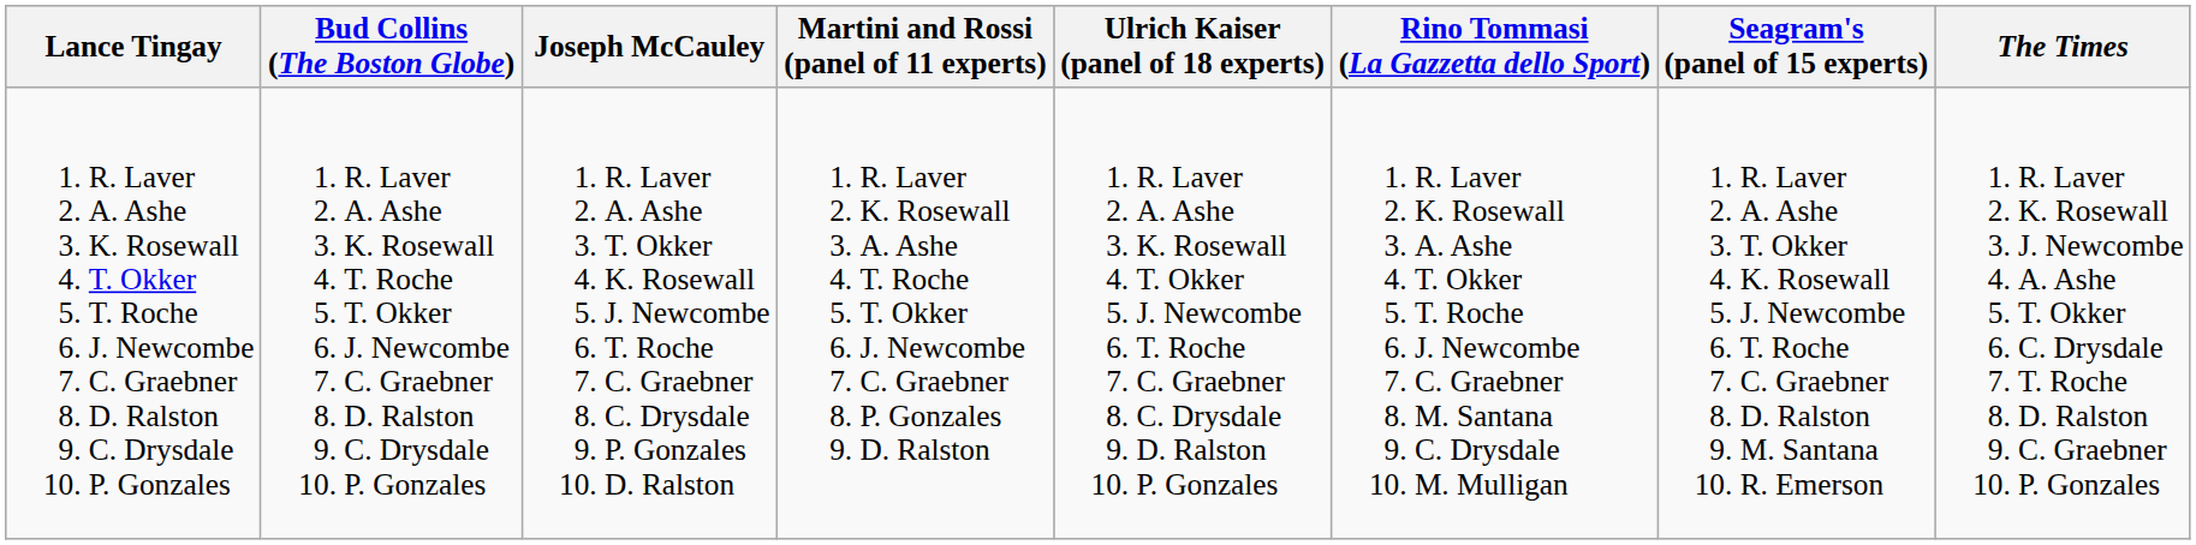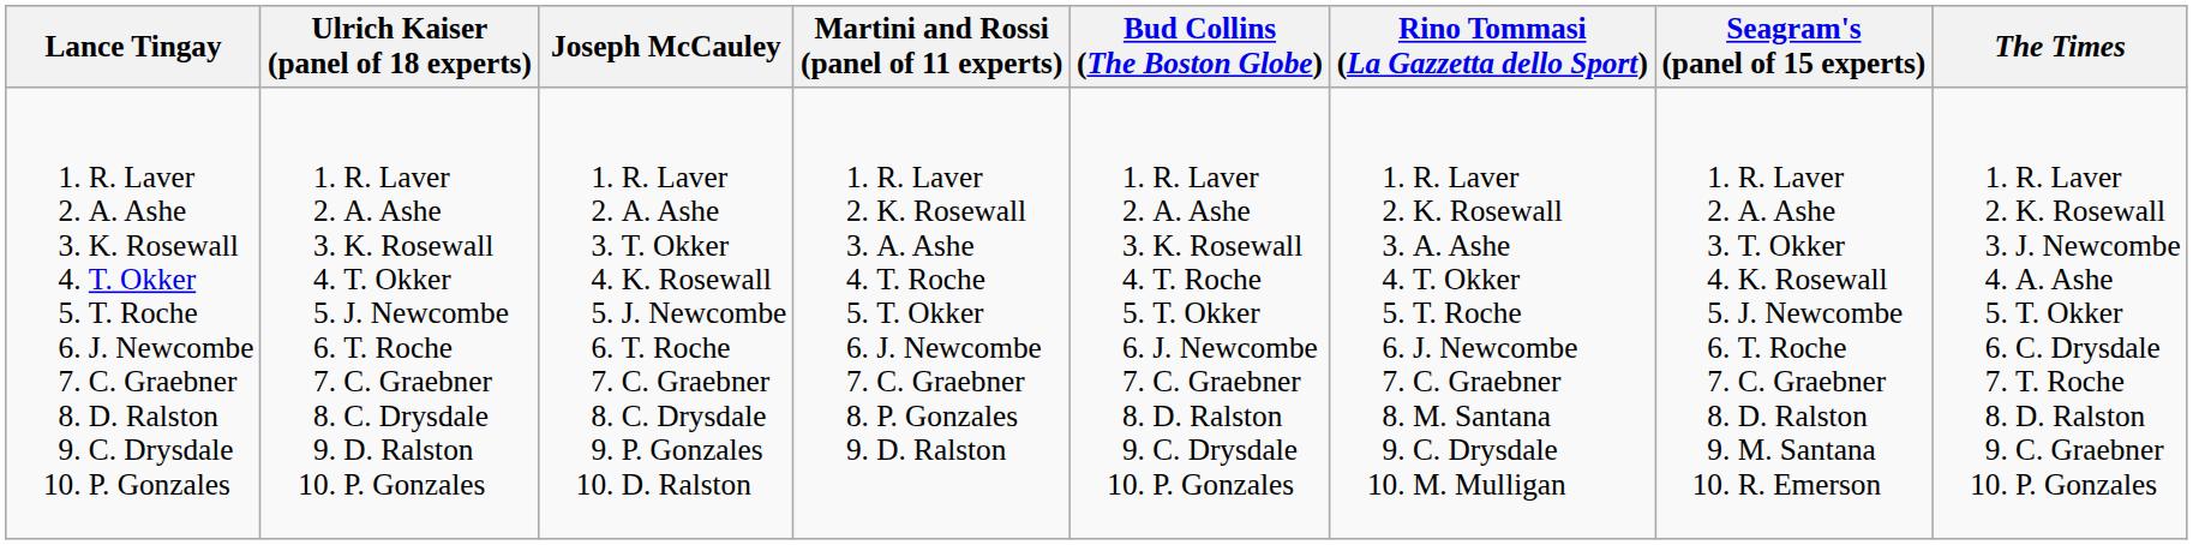 <table class="wikitable">
 <tr>
 <th>Lance Tingay</th>
-<th><a href='#'>Bud Collins</a><br>(<em><a href='#'>The Boston Globe</a></em>)</th>
+<th>Ulrich Kaiser<em></em><br>(panel of 18 experts)</th>
 <th>Joseph McCauley</th>
 <th>Martini and Rossi<br>(panel of 11 experts)</th>
-<th>Ulrich Kaiser<em></em><br>(panel of 18 experts)</th>
+<th><a href='#'>Bud Collins</a><br>(<em><a href='#'>The Boston Globe</a></em>)</th>
 <th><a href='#'>Rino Tommasi</a><br>(<em><a href='#'>La Gazzetta dello Sport</a></em>)</th>
 <th><a href='#'>Seagram's</a><br>(panel of 15 experts)</th>
 <th><em>The Times</em></th>
 </tr>
 <tr style="vertical-align: top;">
 <td style="white-space: nowrap;"><br><ol><li> R. Laver</li><li> A. Ashe</li><li> K. Rosewall</li><li> <a href='#'>T. Okker</a></li><li> T. Roche</li><li> J. Newcombe</li><li> C. Graebner</li><li> D. Ralston</li><li> C. Drysdale</li><li> P. Gonzales</li></ol></td>
-<td style="white-space: nowrap;"><br><ol><li> R. Laver</li><li> A. Ashe</li><li> K. Rosewall</li><li> T. Roche</li><li> T. Okker</li><li> J. Newcombe</li><li> C. Graebner</li><li> D. Ralston</li><li> C. Drysdale</li><li> P. Gonzales</li></ol></td>
+<td style="white-space: nowrap;"><br><ol><li> R. Laver</li><li> A. Ashe</li><li> K. Rosewall</li><li> T. Okker</li><li> J. Newcombe</li><li> T. Roche</li><li> C. Graebner</li><li> C. Drysdale</li><li> D. Ralston</li><li> P. Gonzales</li></ol></td>
 <td style="white-space: nowrap;"><br><ol><li> R. Laver</li><li> A. Ashe</li><li> T. Okker</li><li> K. Rosewall</li><li> J. Newcombe</li><li> T. Roche</li><li> C. Graebner</li><li> C. Drysdale</li><li> P. Gonzales</li><li> D. Ralston</li></ol></td>
 <td style="white-space: nowrap;"><br><ol><li> R. Laver</li><li> K. Rosewall</li><li> A. Ashe</li><li> T. Roche</li><li> T. Okker</li><li> J. Newcombe</li><li> C. Graebner</li><li> P. Gonzales</li><li> D. Ralston</li></ol></td>
-<td style="white-space: nowrap;"><br><ol><li> R. Laver</li><li> A. Ashe</li><li> K. Rosewall</li><li> T. Okker</li><li> J. Newcombe</li><li> T. Roche</li><li> C. Graebner</li><li> C. Drysdale</li><li> D. Ralston</li><li> P. Gonzales</li></ol></td>
+<td style="white-space: nowrap;"><br><ol><li> R. Laver</li><li> A. Ashe</li><li> K. Rosewall</li><li> T. Roche</li><li> T. Okker</li><li> J. Newcombe</li><li> C. Graebner</li><li> D. Ralston</li><li> C. Drysdale</li><li> P. Gonzales</li></ol></td>
 <td style="white-space: nowrap;"><br><ol><li> R. Laver</li><li> K. Rosewall</li><li> A. Ashe</li><li> T. Okker</li><li> T. Roche</li><li> J. Newcombe</li><li> C. Graebner</li><li> M. Santana</li><li> C. Drysdale</li><li> M. Mulligan</li></ol></td>
 <td style="white-space: nowrap;"><br><ol><li> R. Laver</li><li> A. Ashe</li><li> T. Okker</li><li> K. Rosewall</li><li> J. Newcombe</li><li> T. Roche</li><li> C. Graebner</li><li> D. Ralston</li><li> M. Santana</li><li> R. Emerson</li></ol></td>
 <td style="white-space: nowrap;"><br><ol><li> R. Laver</li><li> K. Rosewall</li><li> J. Newcombe</li><li> A. Ashe</li><li> T. Okker</li><li> C. Drysdale</li><li> T. Roche</li><li> D. Ralston</li><li> C. Graebner</li><li> P. Gonzales</li></ol></td>
 </tr>
 </table>
